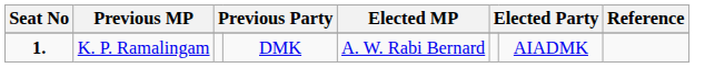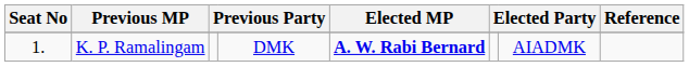 <table class="wikitable">
 <tr>
 <th>Seat No</th>
 <th>Previous MP</th>
 <th colspan=2>Previous Party</th>
 <th>Elected MP</th>
 <th colspan=2>Elected Party</th>
 <th>Reference</th>
 </tr>
 <tr>
 </tr>
 <tr style="text-align:center;">
-<td><strong>1.</strong></td>
+<td>1.</td>
 <td><a href='#'>K. P. Ramalingam</a></td>
 <td width="1px"></td>
 <td><a href='#'>DMK</a></td>
-<td><a href='#'>A. W. Rabi Bernard</a></td>
+<td><strong><a href='#'>A. W. Rabi Bernard</a></strong></td>
 <td width="1px"></td>
 <td><a href='#'>AIADMK</a></td>
 <td></td>
 </tr>
 </table>
